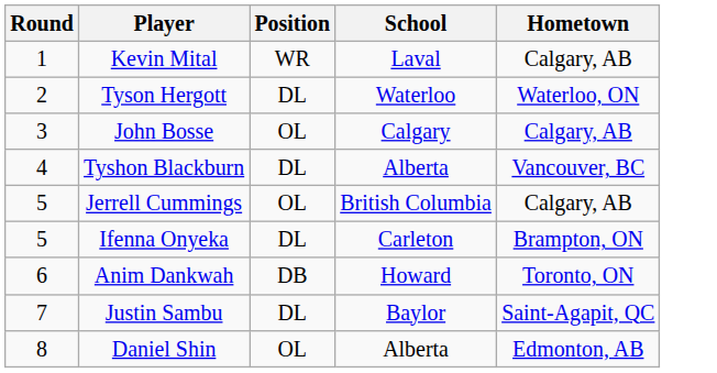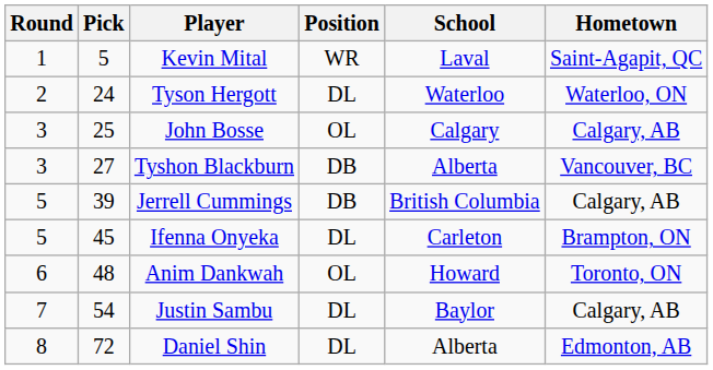 <table class="wikitable" style="font-size: 95%;">
 <tr>
 <th scope="col">Round</th>
+<th scope="col">Pick</th>
 <th scope="col">Player</th>
 <th scope="col">Position</th>
 <th scope="col">School</th>
 <th scope="col">Hometown</th>
 </tr>
 <tr align="center">
 <td align=center>1</td>
+<td>5</td>
 <td><a href='#'>Kevin Mital</a></td>
 <td>WR</td>
 <td><a href='#'>Laval</a></td>
-<td>Calgary, AB</td>
+<td><a href='#'>Saint-Agapit, QC</a></td>
 </tr>
 <tr align="center">
 <td align=center>2</td>
+<td>24</td>
 <td><a href='#'>Tyson Hergott</a></td>
 <td>DL</td>
 <td><a href='#'>Waterloo</a></td>
 <td><a href='#'>Waterloo, ON</a></td>
 </tr>
 <tr align="center">
 <td align=center>3</td>
+<td>25</td>
 <td><a href='#'>John Bosse</a></td>
 <td>OL</td>
 <td><a href='#'>Calgary</a></td>
 <td><a href='#'>Calgary, AB</a></td>
 </tr>
 <tr align="center">
-<td align=center>4</td>
+<td align=center>3</td>
+<td>27</td>
 <td><a href='#'>Tyshon Blackburn</a></td>
-<td>DL</td>
+<td>DB</td>
 <td><a href='#'>Alberta</a></td>
 <td><a href='#'>Vancouver, BC</a></td>
 </tr>
 <tr align="center">
 <td align=center>5</td>
+<td>39</td>
 <td><a href='#'>Jerrell Cummings</a></td>
-<td>OL</td>
+<td>DB</td>
 <td><a href='#'>British Columbia</a></td>
 <td>Calgary, AB</td>
 </tr>
 <tr align="center">
 <td align=center>5</td>
+<td>45</td>
 <td><a href='#'>Ifenna Onyeka</a></td>
 <td>DL</td>
 <td><a href='#'>Carleton</a></td>
 <td><a href='#'>Brampton, ON</a></td>
 </tr>
 <tr align="center">
 <td align=center>6</td>
+<td>48</td>
 <td><a href='#'>Anim Dankwah</a></td>
-<td>DB</td>
+<td>OL</td>
 <td><a href='#'>Howard</a></td>
 <td><a href='#'>Toronto, ON</a></td>
 </tr>
 <tr align="center">
 <td align=center>7</td>
+<td>54</td>
 <td><a href='#'>Justin Sambu</a></td>
 <td>DL</td>
 <td><a href='#'>Baylor</a></td>
-<td><a href='#'>Saint-Agapit, QC</a></td>
+<td>Calgary, AB</td>
 </tr>
 <tr align="center">
 <td align=center>8</td>
+<td>72</td>
 <td><a href='#'>Daniel Shin</a></td>
-<td>OL</td>
+<td>DL</td>
 <td>Alberta</td>
 <td><a href='#'>Edmonton, AB</a></td>
 </tr>
 </table>
